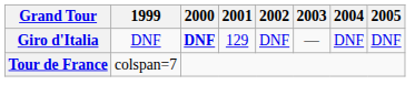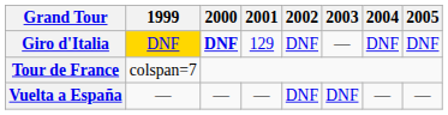 <table class="wikitable plainrowheaders">
 <tr>
 <th scope="col"><a href='#'>Grand Tour</a></th>
 <th scope="col">1999</th>
 <th scope="col">2000</th>
 <th scope="col">2001</th>
 <th scope="col">2002</th>
 <th scope="col">2003</th>
 <th scope="col">2004</th>
 <th scope="col">2005</th>
 </tr>
 <tr style="text-align:center;">
 <th scope="row"> <a href='#'>Giro d'Italia</a></th>
-<td><a href='#'>DNF</a></td>
+<td style="background: gold;"><a href='#'>DNF</a></td>
 <td><strong><a href='#'>DNF</a></strong></td>
 <td><a href='#'>129</a></td>
 <td><a href='#'>DNF</a></td>
 <td>—</td>
 <td><a href='#'>DNF</a></td>
 <td><a href='#'>DNF</a></td>
 </tr>
 <tr style="text-align:center;">
 <th scope="row"> <a href='#'>Tour de France</a></th>
 <td>colspan=7 </td>
 </tr>
+<tr style="text-align:center;">
+<th scope="row"> <a href='#'>Vuelta a España</a></th>
+<td>—</td>
+<td>—</td>
+<td>—</td>
+<td><a href='#'>DNF</a></td>
+<td><a href='#'>DNF</a></td>
+<td>—</td>
+<td>—</td>
+</tr>
 </table>
